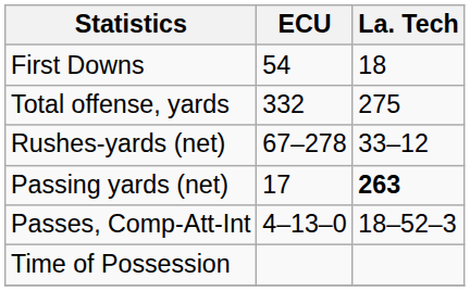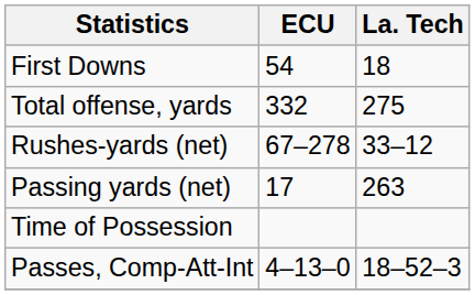 <table class="wikitable">
 <tr>
 <th>Statistics</th>
 <th>ECU</th>
 <th>La. Tech</th>
 </tr>
 <tr>
 <td>First Downs</td>
 <td>54</td>
 <td>18</td>
 </tr>
 <tr>
 <td>Total offense, yards</td>
 <td>332</td>
 <td>275</td>
 </tr>
 <tr>
 <td>Rushes-yards (net)</td>
 <td>67–278</td>
 <td>33–12</td>
 </tr>
 <tr>
 <td>Passing yards (net)</td>
 <td>17</td>
-<td><strong>263</strong></td>
+<td>263</td>
+</tr>
+<tr>
+<td>Time of Possession</td>
+<td></td>
+<td></td>
 </tr>
 <tr>
 <td>Passes, Comp-Att-Int</td>
 <td>4–13–0</td>
 <td>18–52–3</td>
 </tr>
 <tr>
-<td>Time of Possession</td>
-<td></td>
-<td></td>
-</tr>
-<tr>
 </tr>
 </table>
